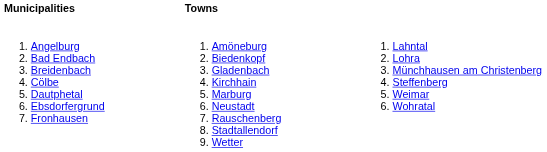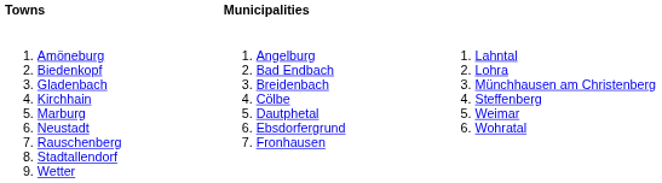 <table>
 <tr>
+<th align=left width=33%>Towns</th>
 <th align=left width=33%>Municipalities</th>
-<th align=left width=33%>Towns</th>
 <th align=left width=33%></th>
 </tr>
 <tr valign=top>
+<td><br><ol><li><a href='#'>Amöneburg</a></li><li><a href='#'>Biedenkopf</a></li><li><a href='#'>Gladenbach</a></li><li><a href='#'>Kirchhain</a></li><li><a href='#'>Marburg</a></li><li><a href='#'>Neustadt</a></li><li><a href='#'>Rauschenberg</a></li><li><a href='#'>Stadtallendorf</a></li><li><a href='#'>Wetter</a></li></ol></td>
 <td><br><ol><li><a href='#'>Angelburg</a></li><li><a href='#'>Bad Endbach</a></li><li><a href='#'>Breidenbach</a></li><li><a href='#'>Cölbe</a></li><li><a href='#'>Dautphetal</a></li><li><a href='#'>Ebsdorfergrund</a></li><li><a href='#'>Fronhausen</a></li></ol></td>
-<td><br><ol><li><a href='#'>Amöneburg</a></li><li><a href='#'>Biedenkopf</a></li><li><a href='#'>Gladenbach</a></li><li><a href='#'>Kirchhain</a></li><li><a href='#'>Marburg</a></li><li><a href='#'>Neustadt</a></li><li><a href='#'>Rauschenberg</a></li><li><a href='#'>Stadtallendorf</a></li><li><a href='#'>Wetter</a></li></ol></td>
 <td><br><ol> <li><a href='#'>Lahntal</a> <li><a href='#'>Lohra</a> <li><a href='#'>Münchhausen am Christenberg</a> <li><a href='#'>Steffenberg</a> <li><a href='#'>Weimar</a> <li><a href='#'>Wohratal</a> </ol></td>
 </tr>
 </table>
